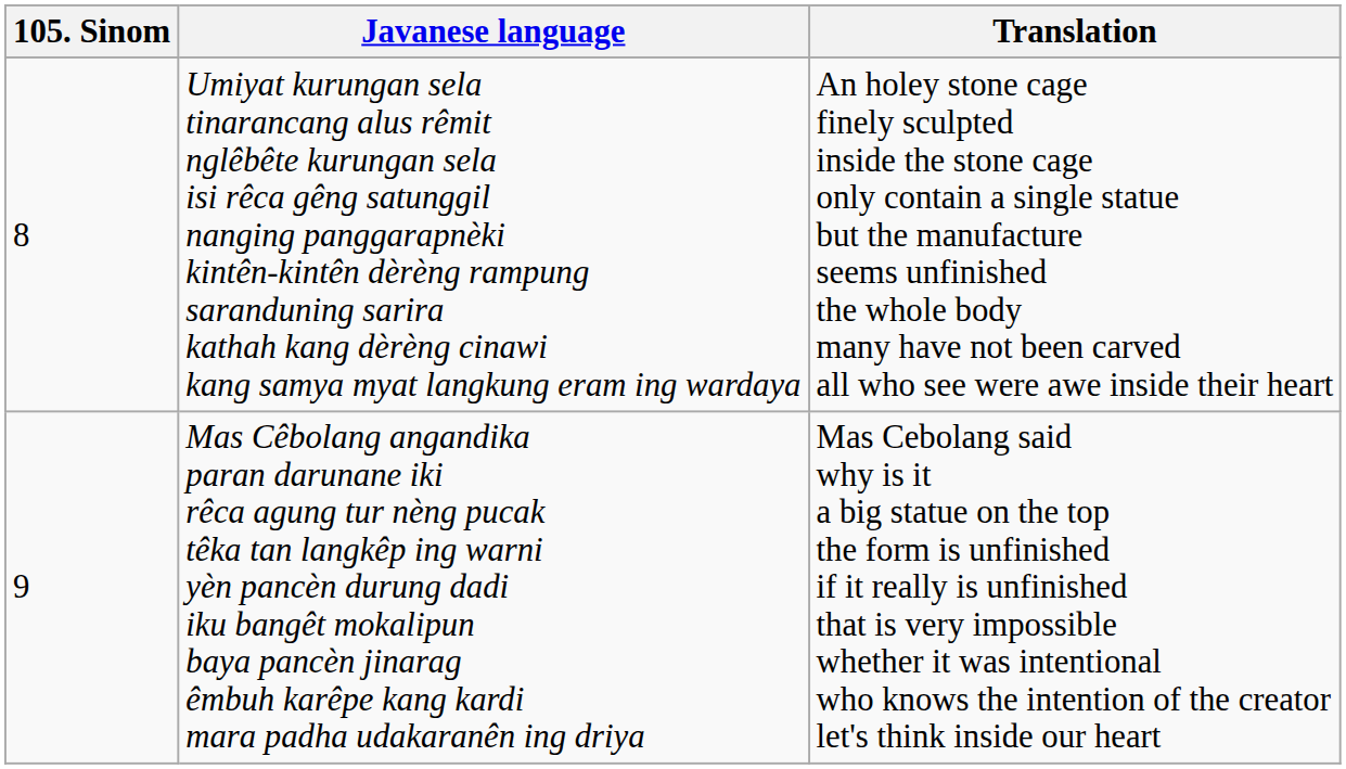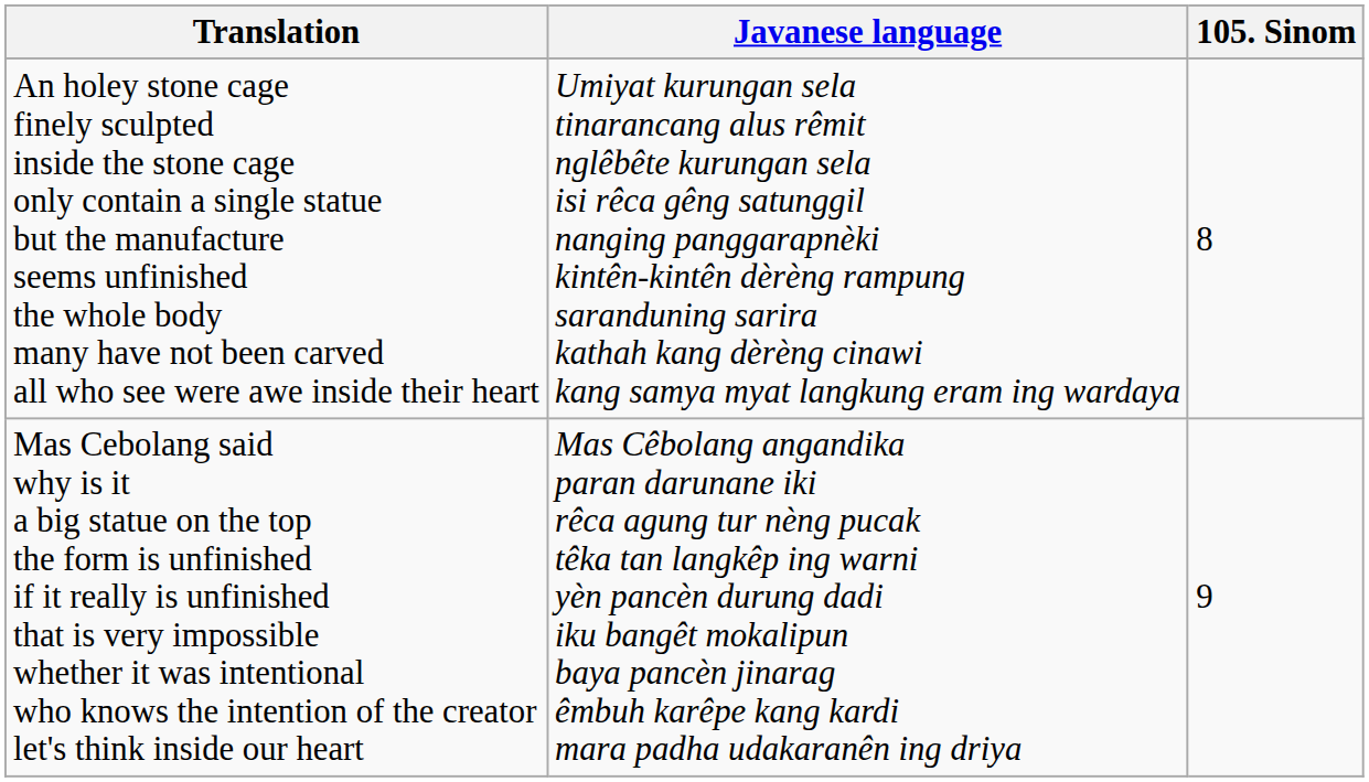 <table class="wikitable">
 <tr>
+<th>Translation </th>
+<th><a href='#'>Javanese language</a></th>
 <th>105. Sinom</th>
-<th><a href='#'>Javanese language</a></th>
-<th>Translation </th>
 </tr>
 <tr>
+<td>An holey stone cage <br> finely sculpted<br> inside the stone cage<br> only contain a single statue<br> but the manufacture<br> seems unfinished<br> the whole body<br> many have not been carved<br> all who see were awe inside their heart</td>
+<td><em>Umiyat kurungan sela<br> tinarancang alus rêmit<br> nglêbête kurungan sela<br> isi rêca gêng satunggil<br> nanging panggarapnèki<br> kintên-kintên dèrèng rampung<br> saranduning sarira<br>kathah kang dèrèng cinawi<br> kang samya myat langkung eram ing wardaya</em></td>
 <td>8</td>
-<td><em>Umiyat kurungan sela<br> tinarancang alus rêmit<br> nglêbête kurungan sela<br> isi rêca gêng satunggil<br> nanging panggarapnèki<br> kintên-kintên dèrèng rampung<br> saranduning sarira<br>kathah kang dèrèng cinawi<br> kang samya myat langkung eram ing wardaya</em></td>
-<td>An holey stone cage <br> finely sculpted<br> inside the stone cage<br> only contain a single statue<br> but the manufacture<br> seems unfinished<br> the whole body<br> many have not been carved<br> all who see were awe inside their heart</td>
 </tr>
 <tr>
+<td>Mas Cebolang said<br> why is it<br> a big statue on the top<br> the form is unfinished<br> if it really is unfinished<br> that is very impossible<br> whether it was intentional<br> who knows the intention of the creator<br> let's think inside our heart</td>
+<td><em>Mas Cêbolang angandika<br> paran darunane iki<br> rêca agung tur nèng pucak<br>têka tan langkêp ing warni<br>yèn pancèn durung dadi<br> iku bangêt mokalipun<br> baya pancèn jinarag<br> êmbuh karêpe kang kardi<br> mara padha udakaranên ing driya</em></td>
 <td>9</td>
-<td><em>Mas Cêbolang angandika<br> paran darunane iki<br> rêca agung tur nèng pucak<br>têka tan langkêp ing warni<br>yèn pancèn durung dadi<br> iku bangêt mokalipun<br> baya pancèn jinarag<br> êmbuh karêpe kang kardi<br> mara padha udakaranên ing driya</em></td>
-<td>Mas Cebolang said<br> why is it<br> a big statue on the top<br> the form is unfinished<br> if it really is unfinished<br> that is very impossible<br> whether it was intentional<br> who knows the intention of the creator<br> let's think inside our heart</td>
 </tr>
 </table>
